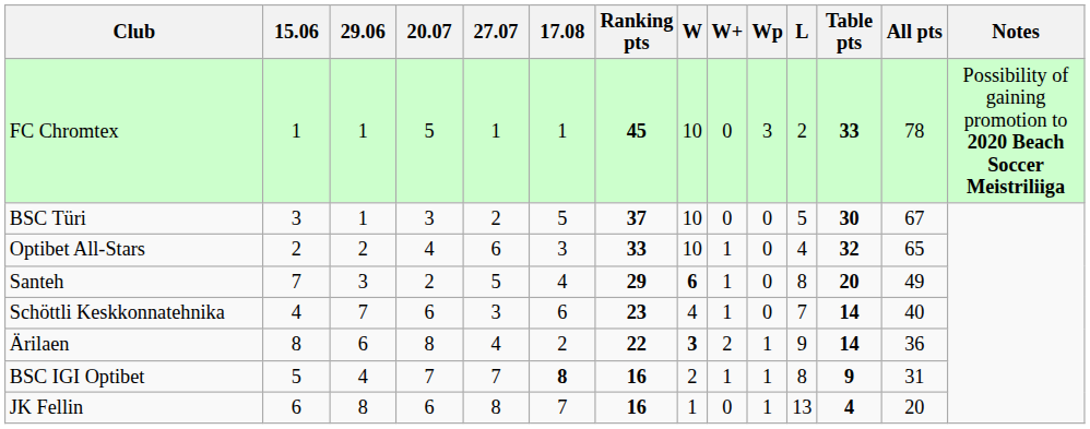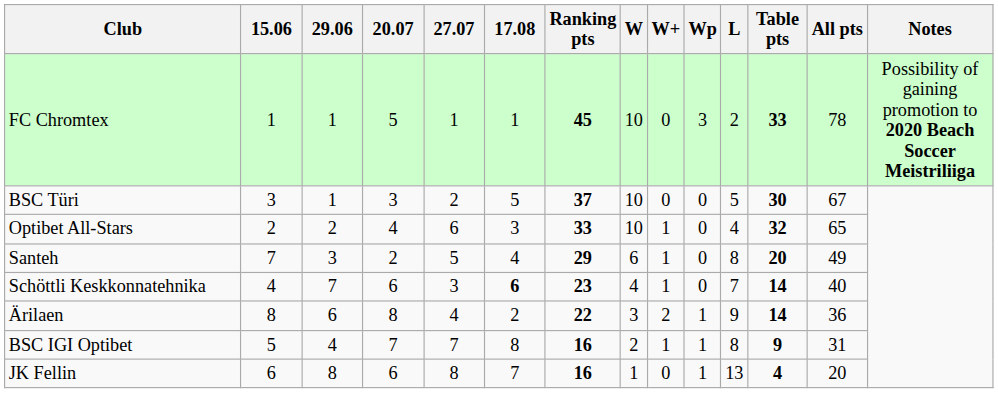 <table class="wikitable collapsed">
 <tr>
 <th width=200px>Club</th>
 <th width=46px>15.06</th>
 <th width=46px>29.06</th>
 <th width=46px>20.07</th>
 <th width=46px>27.07</th>
 <th width=46px>17.08</th>
 <th width=45px>Ranking pts</th>
 <th>W</th>
 <th>W+</th>
 <th>Wp</th>
 <th>L</th>
 <th width=45px>Table pts</th>
 <th width=45px>All pts</th>
 <th>Notes</th>
 </tr>
 <tr align=center>
 <td align=left style="background:#cfc">FC Chromtex</td>
 <td style="background:#cfc">1</td>
 <td style="background:#cfc">1</td>
 <td style="background:#cfc">5</td>
 <td style="background:#cfc">1</td>
 <td style="background:#cfc">1</td>
 <td style="background:#cfc"><strong>45</strong></td>
 <td style="background:#cfc">10</td>
 <td style="background:#cfc">0</td>
 <td style="background:#cfc">3</td>
 <td style="background:#cfc">2</td>
 <td style="background:#cfc"><strong>33</strong></td>
 <td style="background:#cfc">78</td>
 <td style="background:#cfc">Possibility of gaining promotion to <strong>2020 Beach Soccer Meistriliiga</strong></td>
 </tr>
 <tr align=center>
 <td align=left>BSC Türi</td>
 <td>3</td>
 <td>1</td>
 <td>3</td>
 <td>2</td>
 <td>5</td>
 <td><strong>37</strong></td>
 <td>10</td>
 <td>0</td>
 <td>0</td>
 <td>5</td>
 <td><strong>30</strong></td>
 <td>67</td>
 </tr>
 <tr align=center>
 <td align=left>Optibet All-Stars</td>
 <td>2</td>
 <td>2</td>
 <td>4</td>
 <td>6</td>
 <td>3</td>
 <td><strong>33</strong></td>
 <td>10</td>
 <td>1</td>
 <td>0</td>
 <td>4</td>
 <td><strong>32</strong></td>
 <td>65</td>
 </tr>
 <tr align=center>
 <td align=left>Santeh</td>
 <td>7</td>
 <td>3</td>
 <td>2</td>
 <td>5</td>
 <td>4</td>
 <td><strong>29</strong></td>
-<td><strong>6</strong></td>
+<td>6</td>
 <td>1</td>
 <td>0</td>
 <td>8</td>
 <td><strong>20</strong></td>
 <td>49</td>
 </tr>
 <tr align=center>
 <td align=left>Schöttli Keskkonnatehnika</td>
 <td>4</td>
 <td>7</td>
 <td>6</td>
 <td>3</td>
-<td>6</td>
+<td><strong>6</strong></td>
 <td><strong>23</strong></td>
 <td>4</td>
 <td>1</td>
 <td>0</td>
 <td>7</td>
 <td><strong>14</strong></td>
 <td>40</td>
 </tr>
 <tr align=center>
 <td align=left>Ärilaen</td>
 <td>8</td>
 <td>6</td>
 <td>8</td>
 <td>4</td>
 <td>2</td>
 <td><strong>22</strong></td>
-<td><strong>3</strong></td>
+<td>3</td>
 <td>2</td>
 <td>1</td>
 <td>9</td>
 <td><strong>14</strong></td>
 <td>36</td>
 </tr>
 <tr align=center>
 <td align=left>BSC IGI Optibet</td>
 <td>5</td>
 <td>4</td>
 <td>7</td>
 <td>7</td>
-<td><strong>8</strong></td>
+<td>8</td>
 <td><strong>16</strong></td>
 <td>2</td>
 <td>1</td>
 <td>1</td>
 <td>8</td>
 <td><strong>9</strong></td>
 <td>31</td>
 </tr>
 <tr align=center>
 <td align=left>JK Fellin</td>
 <td>6</td>
 <td>8</td>
 <td>6</td>
 <td>8</td>
 <td>7</td>
 <td><strong>16</strong></td>
 <td>1</td>
 <td>0</td>
 <td>1</td>
 <td>13</td>
 <td><strong>4</strong></td>
 <td>20</td>
 </tr>
 </table>
